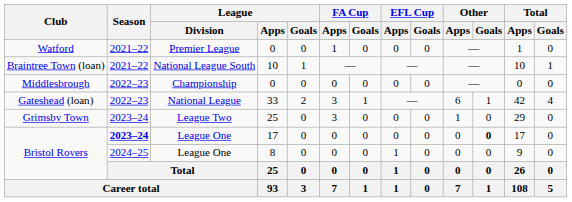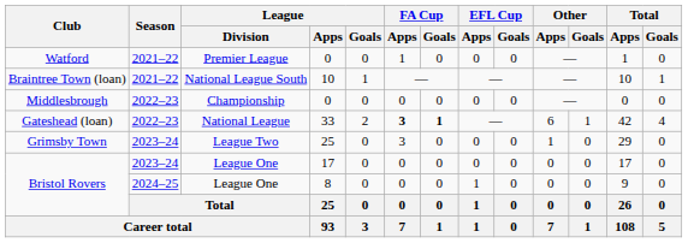 <table class=wikitable style=text-align:center>
 <tr>
 <th rowspan=2>Club</th>
 <th rowspan=2>Season</th>
 <th colspan=3>League</th>
 <th colspan=2><a href='#'>FA Cup</a></th>
 <th colspan=2><a href='#'>EFL Cup</a></th>
 <th colspan=2>Other</th>
 <th colspan=2>Total</th>
 </tr>
 <tr>
 <th>Division</th>
 <th>Apps</th>
 <th>Goals</th>
 <th>Apps</th>
 <th>Goals</th>
 <th>Apps</th>
 <th>Goals</th>
 <th>Apps</th>
 <th>Goals</th>
 <th>Apps</th>
 <th>Goals</th>
 </tr>
 <tr>
 <td><a href='#'>Watford</a></td>
 <td><a href='#'>2021–22</a></td>
 <td><a href='#'>Premier League</a></td>
 <td>0</td>
 <td>0</td>
 <td>1</td>
 <td>0</td>
 <td>0</td>
 <td>0</td>
 <td colspan="2">—</td>
 <td>1</td>
 <td>0</td>
 </tr>
 <tr>
 <td><a href='#'>Braintree Town</a> (loan)</td>
 <td><a href='#'>2021–22</a></td>
 <td><a href='#'>National League South</a></td>
 <td>10</td>
 <td>1</td>
 <td colspan="2">—</td>
 <td colspan="2">—</td>
 <td colspan="2">—</td>
 <td>10</td>
 <td>1</td>
 </tr>
 <tr>
 <td><a href='#'>Middlesbrough</a></td>
 <td><a href='#'>2022–23</a></td>
 <td><a href='#'>Championship</a></td>
 <td>0</td>
 <td>0</td>
 <td>0</td>
 <td>0</td>
 <td>0</td>
 <td>0</td>
 <td colspan="2">—</td>
 <td>0</td>
 <td>0</td>
 </tr>
 <tr>
 <td><a href='#'>Gateshead</a> (loan)</td>
 <td><a href='#'>2022–23</a></td>
 <td><a href='#'>National League</a></td>
 <td>33</td>
 <td>2</td>
-<td>3</td>
-<td>1</td>
+<td><strong>3</strong></td>
+<td><strong>1</strong></td>
 <td colspan="2">—</td>
 <td>6</td>
 <td>1</td>
 <td>42</td>
 <td>4</td>
 </tr>
 <tr>
 <td><a href='#'>Grimsby Town</a></td>
 <td><a href='#'>2023–24</a></td>
 <td><a href='#'>League Two</a></td>
 <td>25</td>
 <td>0</td>
 <td>3</td>
 <td>0</td>
 <td>0</td>
 <td>0</td>
 <td>1</td>
 <td>0</td>
 <td>29</td>
 <td>0</td>
 </tr>
 <tr>
 <td rowspan="3"><a href='#'>Bristol Rovers</a></td>
-<td><strong><a href='#'>2023–24</a></strong></td>
+<td><a href='#'>2023–24</a></td>
 <td><a href='#'>League One</a></td>
 <td>17</td>
 <td>0</td>
 <td>0</td>
 <td>0</td>
 <td>0</td>
 <td>0</td>
 <td>0</td>
-<td><strong>0</strong></td>
+<td>0</td>
 <td>17</td>
 <td>0</td>
 </tr>
 <tr>
 <td><a href='#'>2024–25</a></td>
 <td>League One</td>
 <td>8</td>
 <td>0</td>
 <td>0</td>
 <td>0</td>
 <td>1</td>
 <td>0</td>
 <td>0</td>
 <td>0</td>
 <td>9</td>
 <td>0</td>
 </tr>
 <tr>
 <th colspan="2">Total</th>
 <th>25</th>
 <th>0</th>
 <th>0</th>
 <th>0</th>
 <th>1</th>
 <th>0</th>
 <th>0</th>
 <th>0</th>
 <th>26</th>
 <th>0</th>
 </tr>
 <tr>
 <th colspan="3">Career total</th>
 <th>93</th>
 <th>3</th>
 <th>7</th>
 <th>1</th>
 <th>1</th>
 <th>0</th>
 <th>7</th>
 <th>1</th>
 <th>108</th>
 <th>5</th>
 </tr>
 </table>
